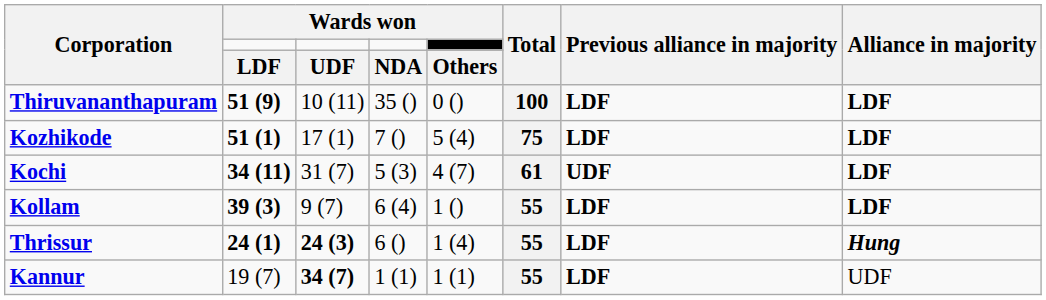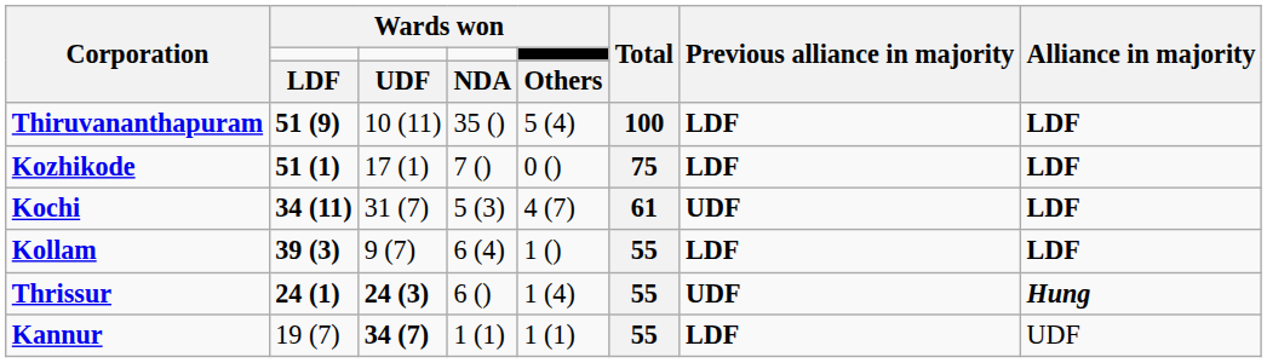 <table class="wikitable">
 <tr>
 <th rowspan="3">Corporation</th>
 <th colspan="4">Wards won</th>
 <th rowspan="3">Total</th>
 <th rowspan="3">Previous alliance in majority</th>
 <th rowspan="3">Alliance in majority</th>
 </tr>
 <tr>
 <td style="background:"></td>
 <td style="background:"></td>
 <td style="background:"></td>
 <td style="background:black"></td>
 </tr>
 <tr>
 <th>LDF</th>
 <th>UDF</th>
 <th>NDA</th>
 <th>Others</th>
 </tr>
 <tr>
 <td><strong><a href='#'>Thiruvananthapuram</a></strong></td>
 <td><strong>51 (9)</strong></td>
 <td>10 (11)</td>
 <td>35 ()</td>
-<td>0 ()</td>
+<td>5 (4)</td>
 <th>100</th>
 <td><strong>LDF</strong></td>
 <td><strong>LDF</strong></td>
 </tr>
 <tr>
 <td><strong><a href='#'>Kozhikode</a></strong></td>
 <td><strong>51 (1)</strong></td>
 <td>17 (1)</td>
 <td>7 ()</td>
-<td>5 (4)</td>
+<td>0 ()</td>
 <th>75</th>
 <td><strong>LDF</strong></td>
 <td><strong>LDF</strong></td>
 </tr>
 <tr>
 <td><strong><a href='#'>Kochi</a></strong></td>
 <td><strong>34 (11)</strong></td>
 <td>31 (7)</td>
 <td>5 (3)</td>
 <td>4 (7)</td>
 <th>61</th>
 <td><strong>UDF</strong></td>
 <td><strong>LDF</strong></td>
 </tr>
 <tr>
 <td><strong><a href='#'>Kollam</a></strong></td>
 <td><strong>39 (3)</strong></td>
 <td>9 (7)</td>
 <td>6 (4)</td>
 <td>1 ()</td>
 <th>55</th>
 <td><strong>LDF</strong></td>
 <td><strong>LDF</strong></td>
 </tr>
 <tr>
 <td><strong><a href='#'>Thrissur</a></strong></td>
 <td><strong>24 (1)</strong></td>
 <td><strong>24 (3)</strong></td>
 <td>6 ()</td>
 <td>1 (4)</td>
 <th>55</th>
-<td><strong>LDF</strong></td>
+<td><strong>UDF</strong></td>
 <td><strong><em>Hung</em></strong></td>
 </tr>
 <tr>
 <td><strong><a href='#'>Kannur</a></strong></td>
 <td>19 (7)</td>
 <td><strong>34 (7)</strong></td>
 <td>1 (1)</td>
 <td>1 (1)</td>
 <th>55</th>
 <td><strong>LDF</strong></td>
 <td></strong>UDF<strong></td>
 </tr>
 </table>
